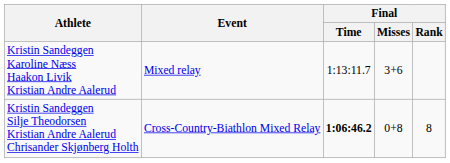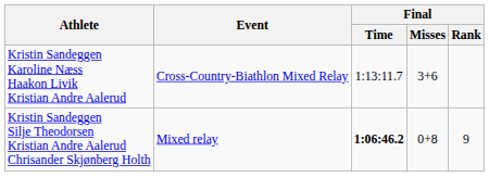 <table class="wikitable">
 <tr>
 <th rowspan="2">Athlete</th>
 <th rowspan="2">Event</th>
 <th colspan="3">Final</th>
 </tr>
 <tr>
 <th>Time</th>
 <th>Misses</th>
 <th>Rank</th>
 </tr>
 <tr>
 <td><a href='#'>Kristin Sandeggen</a><br><a href='#'>Karoline Næss</a><br><a href='#'>Haakon Livik</a><br><a href='#'>Kristian Andre Aalerud</a></td>
-<td><a href='#'>Mixed relay</a></td>
+<td><a href='#'>Cross-Country-Biathlon Mixed Relay</a></td>
 <td align="center">1:13:11.7</td>
 <td align="center">3+6</td>
 <td align="center"></td>
 </tr>
 <tr>
 <td><a href='#'>Kristin Sandeggen</a><br><a href='#'>Silje Theodorsen</a><br><a href='#'>Kristian Andre Aalerud</a><br><a href='#'>Chrisander Skjønberg Holth</a></td>
-<td><a href='#'>Cross-Country-Biathlon Mixed Relay</a></td>
+<td><a href='#'>Mixed relay</a></td>
 <td align="center"><strong>1:06:46.2</strong></td>
 <td align="center">0+8</td>
-<td align="center">8</td>
+<td align="center">9</td>
 </tr>
 </table>
